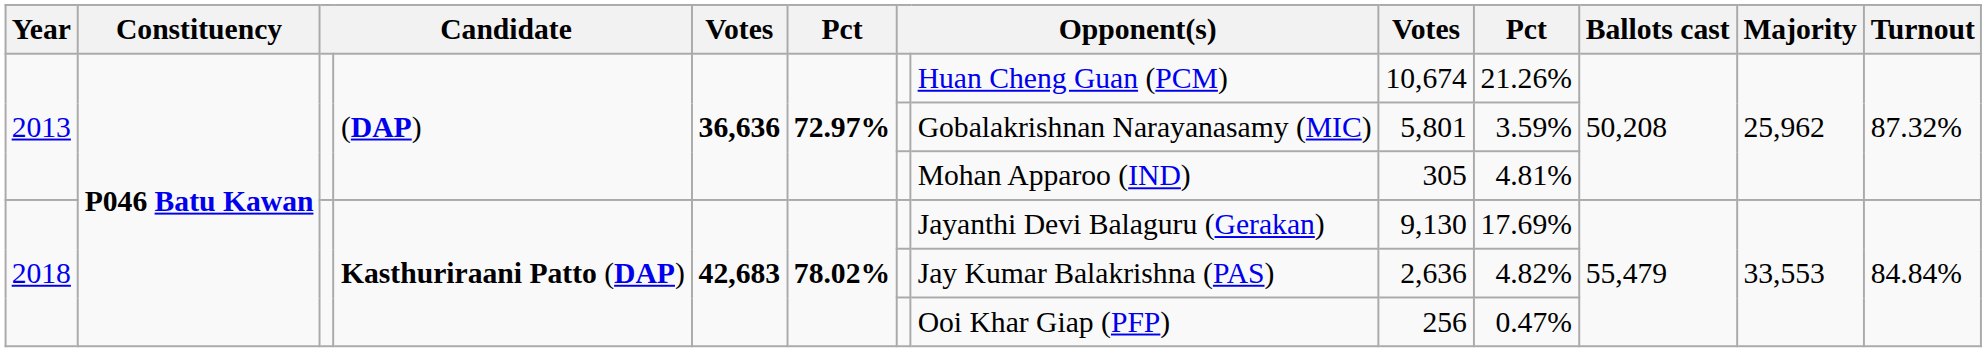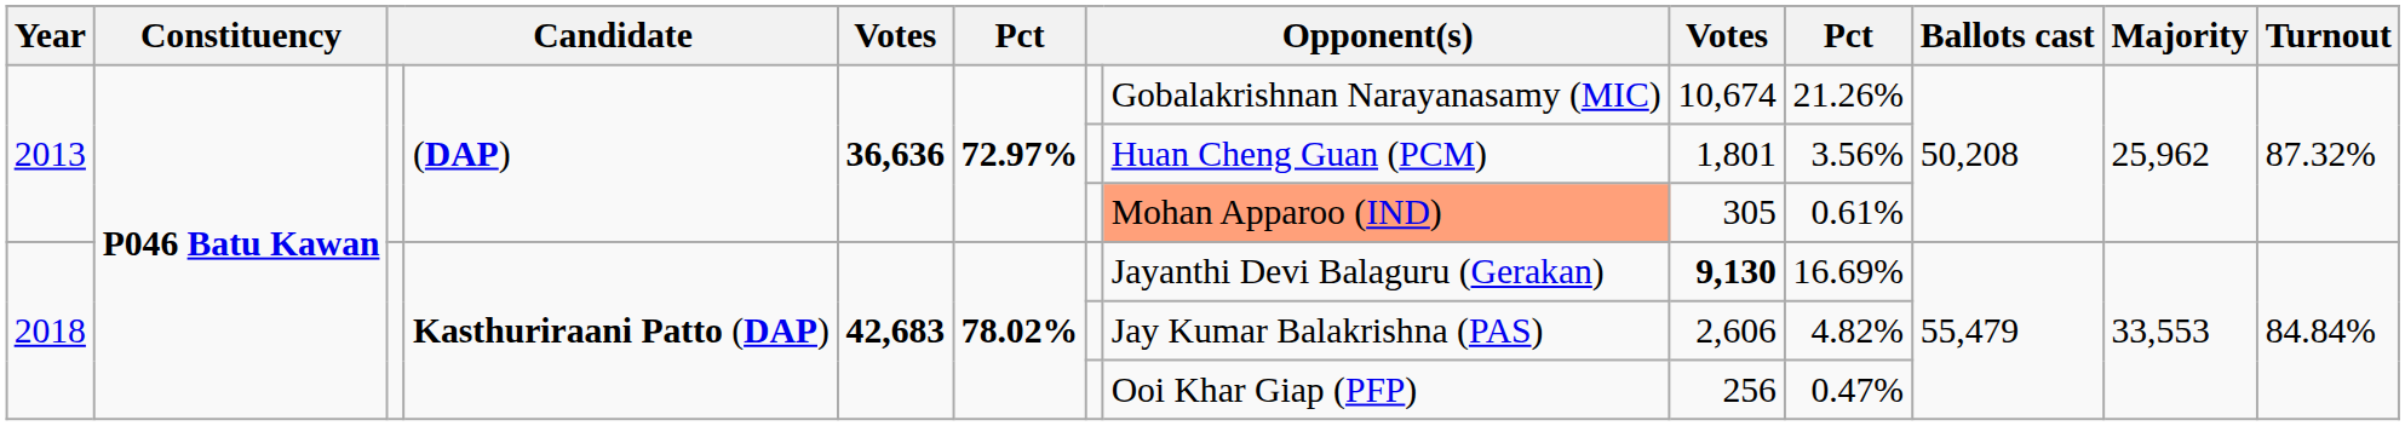 <table class="wikitable" style="margin:0.5em ; font-size:95%">
 <tr>
 <th>Year</th>
 <th>Constituency</th>
 <th colspan=2>Candidate</th>
 <th>Votes</th>
 <th>Pct</th>
 <th colspan=2>Opponent(s)</th>
 <th>Votes</th>
 <th>Pct</th>
 <th>Ballots cast</th>
 <th>Majority</th>
 <th>Turnout</th>
 </tr>
 <tr>
 <td rowspan=3><a href='#'>2013</a></td>
 <td rowspan=6><strong>P046 <a href='#'>Batu Kawan</a></strong></td>
 <td rowspan=3 ></td>
 <td rowspan=3> (<a href='#'><strong>DAP</strong></a>)</td>
 <td rowspan=3 align="right"><strong>36,636</strong></td>
 <td rowspan=3><strong>72.97%</strong></td>
 <td></td>
-<td><a href='#'>Huan Cheng Guan</a> (<a href='#'>PCM</a>)</td>
+<td>Gobalakrishnan Narayanasamy (<a href='#'>MIC</a>)</td>
 <td align="right">10,674</td>
 <td>21.26%</td>
 <td rowspan=3>50,208</td>
 <td rowspan=3>25,962</td>
 <td rowspan=3>87.32%</td>
 </tr>
 <tr>
 <td bgcolor=></td>
-<td>Gobalakrishnan Narayanasamy (<a href='#'>MIC</a>)</td>
-<td align="right">5,801</td>
-<td align=right>3.59%</td>
+<td><a href='#'>Huan Cheng Guan</a> (<a href='#'>PCM</a>)</td>
+<td align="right">1,801</td>
+<td align=right>3.56%</td>
 </tr>
 <tr>
 <td></td>
-<td>Mohan Apparoo (<a href='#'>IND</a>)</td>
+<td style="background: lightsalmon;">Mohan Apparoo (<a href='#'>IND</a>)</td>
 <td align="right">305</td>
-<td align=right>4.81%</td>
+<td align=right>0.61%</td>
 </tr>
 <tr>
 <td rowspan=3><a href='#'>2018</a></td>
 <td rowspan=3 ></td>
 <td rowspan=3><strong>Kasthuriraani Patto</strong> (<a href='#'><strong>DAP</strong></a>)</td>
 <td rowspan=3 align="right"><strong>42,683</strong></td>
 <td rowspan=3><strong>78.02%</strong></td>
 <td></td>
 <td>Jayanthi Devi Balaguru (<a href='#'>Gerakan</a>)</td>
-<td align="right">9,130</td>
-<td>17.69%</td>
+<td align="right"><strong>9,130</strong></td>
+<td>16.69%</td>
 <td rowspan=3>55,479</td>
 <td rowspan=3>33,553</td>
 <td rowspan=3>84.84%</td>
 </tr>
 <tr>
 <td></td>
 <td>Jay Kumar Balakrishna (<a href='#'>PAS</a>)</td>
-<td align="right">2,636</td>
+<td align="right">2,606</td>
 <td align="right">4.82%</td>
 </tr>
 <tr>
 <td bgcolor=></td>
 <td>Ooi Khar Giap (<a href='#'>PFP</a>)</td>
 <td align="right">256</td>
 <td align="right">0.47%</td>
 </tr>
 </table>
